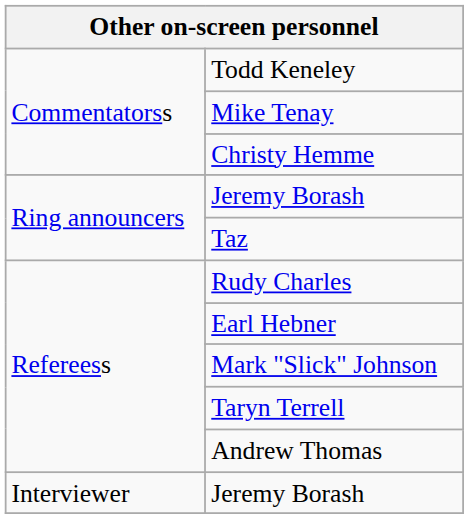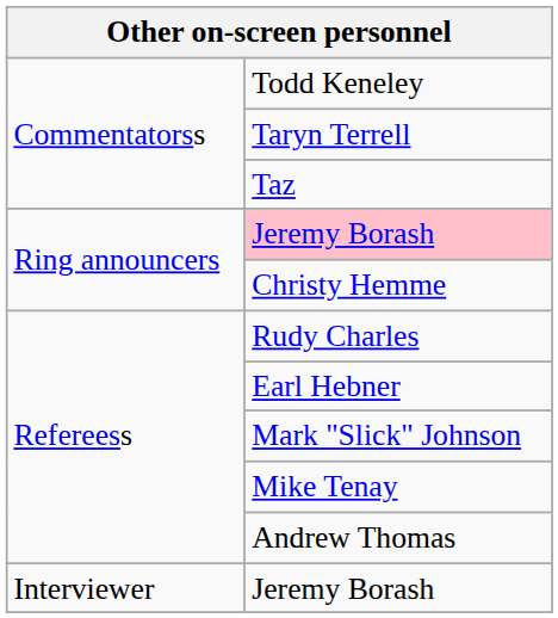 <table align="right" class="wikitable" style="border:1px; font-size:90%; margin-left:1em;">
 <tr>
 <th colspan="2" width="250"><strong>Other on-screen personnel</strong></th>
 </tr>
 <tr>
 <td rowspan=3><a href='#'>Commentators</a>s</td>
 <td>Todd Keneley</td>
 </tr>
 <tr>
-<td><a href='#'>Mike Tenay</a></td>
+<td><a href='#'>Taryn Terrell</a> </td>
+</tr>
+<tr>
+<td><a href='#'>Taz</a></td>
+</tr>
+<tr>
+<td rowspan=2><a href='#'>Ring announcers</a></td>
+<td style="background: pink;"><a href='#'>Jeremy Borash</a> </td>
 </tr>
 <tr>
 <td><a href='#'>Christy Hemme</a></td>
-</tr>
-<tr>
-<td rowspan=2><a href='#'>Ring announcers</a></td>
-<td><a href='#'>Jeremy Borash</a> </td>
-</tr>
-<tr>
-<td><a href='#'>Taz</a></td>
 </tr>
 <tr>
 <td rowspan=5><a href='#'>Referees</a>s</td>
 <td><a href='#'>Rudy Charles</a></td>
 </tr>
 <tr>
 <td><a href='#'>Earl Hebner</a></td>
 </tr>
 <tr>
 <td><a href='#'>Mark "Slick" Johnson</a></td>
 </tr>
 <tr>
-<td><a href='#'>Taryn Terrell</a> </td>
+<td><a href='#'>Mike Tenay</a></td>
 </tr>
 <tr>
 <td>Andrew Thomas</td>
 </tr>
 <tr>
 <td rowspan=1>Interviewer</td>
 <td>Jeremy Borash</td>
 </tr>
 <tr>
 </tr>
 </table>
